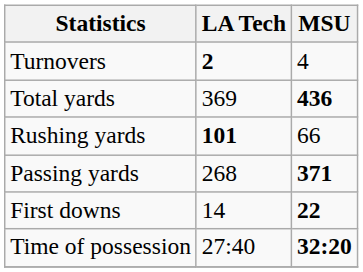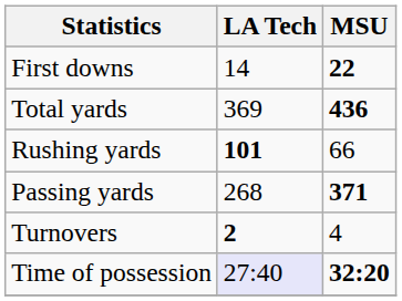 <table class="wikitable" style="float: left;">
 <tr>
 <th>Statistics</th>
 <th>LA Tech</th>
 <th>MSU</th>
 </tr>
 <tr>
-<td>Turnovers</td>
-<td><strong>2</strong></td>
-<td>4</td>
+<td>First downs</td>
+<td>14</td>
+<td><strong>22</strong></td>
 </tr>
 <tr>
 <td>Total yards</td>
 <td>369</td>
 <td><strong>436</strong></td>
 </tr>
 <tr>
 <td>Rushing yards</td>
 <td><strong>101</strong></td>
 <td>66</td>
 </tr>
 <tr>
 <td>Passing yards</td>
 <td>268</td>
 <td><strong>371</strong></td>
 </tr>
 <tr>
-<td>First downs</td>
-<td>14</td>
-<td><strong>22</strong></td>
+<td>Turnovers</td>
+<td><strong>2</strong></td>
+<td>4</td>
 </tr>
 <tr>
 <td>Time of possession</td>
-<td>27:40</td>
+<td style="background: lavender;">27:40</td>
 <td><strong>32:20</strong></td>
 </tr>
 <tr>
 </tr>
 </table>
